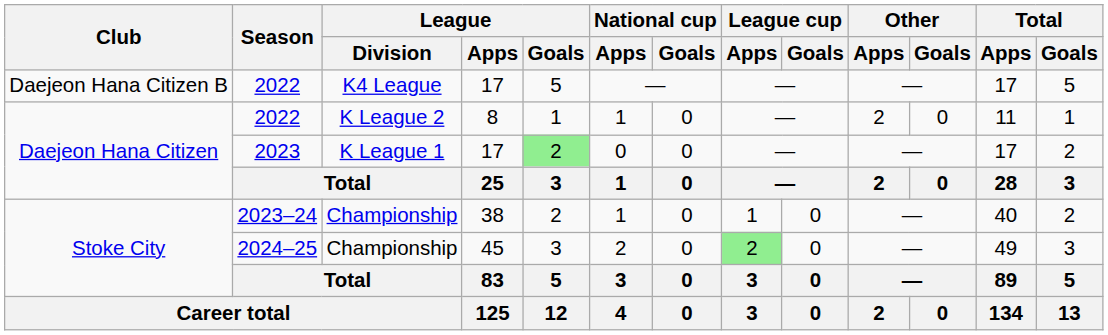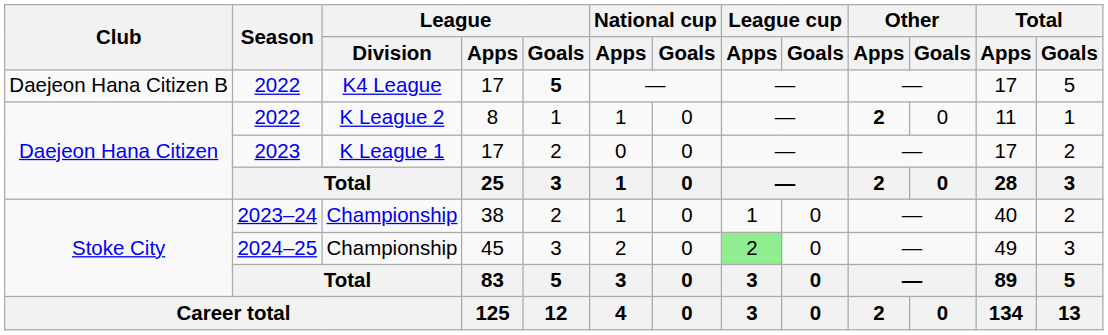 <table class="wikitable" style="text-align:center">
 <tr>
 <th rowspan=2>Club</th>
 <th rowspan=2>Season</th>
 <th colspan=3>League</th>
 <th colspan=2>National cup</th>
 <th colspan=2>League cup</th>
 <th colspan=2>Other</th>
 <th colspan=2>Total</th>
 </tr>
 <tr>
 <th>Division</th>
 <th>Apps</th>
 <th>Goals</th>
 <th>Apps</th>
 <th>Goals</th>
 <th>Apps</th>
 <th>Goals</th>
 <th>Apps</th>
 <th>Goals</th>
 <th>Apps</th>
 <th>Goals</th>
 </tr>
 <tr>
 <td>Daejeon Hana Citizen B</td>
 <td><a href='#'>2022</a></td>
 <td><a href='#'>K4 League</a></td>
 <td>17</td>
-<td>5</td>
+<td><strong>5</strong></td>
 <td colspan="2">—</td>
 <td colspan="2">—</td>
 <td colspan="2">—</td>
 <td>17</td>
 <td>5</td>
 </tr>
 <tr>
 <td rowspan="3"><a href='#'>Daejeon Hana Citizen</a></td>
 <td><a href='#'>2022</a></td>
 <td><a href='#'>K League 2</a></td>
 <td>8</td>
 <td>1</td>
 <td>1</td>
 <td>0</td>
 <td colspan="2">—</td>
-<td>2</td>
+<td><strong>2</strong></td>
 <td>0</td>
 <td>11</td>
 <td>1</td>
 </tr>
 <tr>
 <td><a href='#'>2023</a></td>
 <td><a href='#'>K League 1</a></td>
 <td>17</td>
-<td style="background: lightgreen;">2</td>
+<td>2</td>
 <td>0</td>
 <td>0</td>
 <td colspan="2">—</td>
 <td colspan="2">—</td>
 <td>17</td>
 <td>2</td>
 </tr>
 <tr>
 <th colspan=2>Total</th>
 <th>25</th>
 <th>3</th>
 <th>1</th>
 <th>0</th>
 <th colspan="2">—</th>
 <th>2</th>
 <th>0</th>
 <th>28</th>
 <th>3</th>
 </tr>
 <tr>
 <td rowspan=3><a href='#'>Stoke City</a></td>
 <td><a href='#'>2023–24</a></td>
 <td><a href='#'>Championship</a></td>
 <td>38</td>
 <td>2</td>
 <td>1</td>
 <td>0</td>
 <td>1</td>
 <td>0</td>
 <td colspan="2">—</td>
 <td>40</td>
 <td>2</td>
 </tr>
 <tr>
 <td><a href='#'>2024–25</a></td>
 <td>Championship</td>
 <td>45</td>
 <td>3</td>
 <td>2</td>
 <td>0</td>
 <td style="background: lightgreen;">2</td>
 <td>0</td>
 <td colspan="2">—</td>
 <td>49</td>
 <td>3</td>
 </tr>
 <tr>
 <th colspan=2>Total</th>
 <th>83</th>
 <th>5</th>
 <th>3</th>
 <th>0</th>
 <th>3</th>
 <th>0</th>
 <th colspan="2">—</th>
 <th>89</th>
 <th>5</th>
 </tr>
 <tr>
 <th colspan=3>Career total</th>
 <th>125</th>
 <th>12</th>
 <th>4</th>
 <th>0</th>
 <th>3</th>
 <th>0</th>
 <th>2</th>
 <th>0</th>
 <th>134</th>
 <th>13</th>
 </tr>
 </table>
